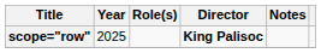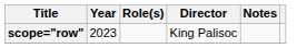 <table class="wikitable plainrowheaders sortable">
 <tr>
 <th scope="col">Title</th>
 <th scope="col">Year</th>
 <th scope="col">Role(s)</th>
 <th scope="col">Director</th>
 <th scope="col" class="unsortable">Notes</th>
 <th class="unsortable"></th>
 </tr>
 <tr>
 <th>scope="row" </th>
-<td>2025</td>
+<td>2023</td>
 <td></td>
-<td><strong>King Palisoc</strong></td>
+<td>King Palisoc</td>
 <td></td>
 <td style="text-align:center"></td>
 </tr>
 <tr>
 </tr>
 </table>
